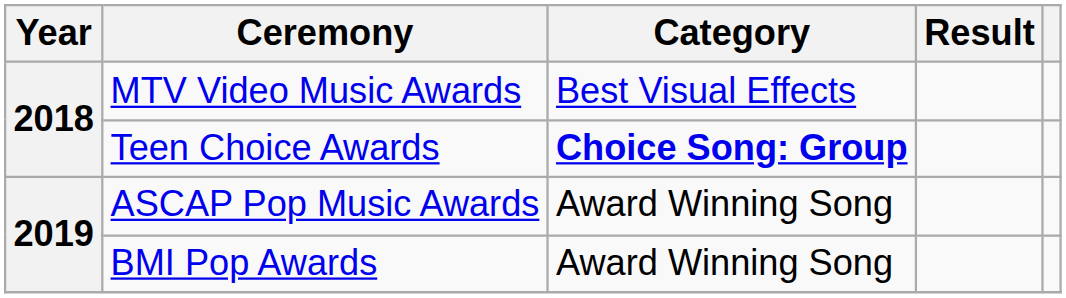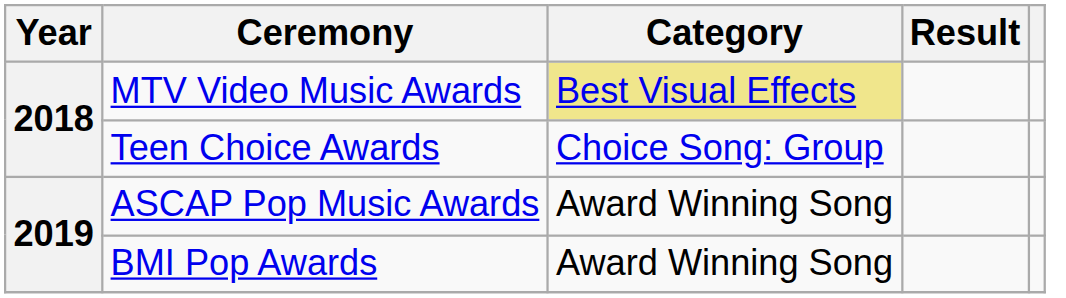 <table class="wikitable plainrowheaders">
 <tr>
 <th scope="col">Year</th>
 <th scope="col">Ceremony</th>
 <th scope="col">Category</th>
 <th scope="col">Result</th>
 <th scope="col"></th>
 </tr>
 <tr>
 <th scope="row" rowspan="2">2018</th>
 <td><a href='#'>MTV Video Music Awards</a></td>
-<td><a href='#'>Best Visual Effects</a></td>
+<td style="background: khaki;"><a href='#'>Best Visual Effects</a></td>
 <td></td>
 <td style="text-align:center;"></td>
 </tr>
 <tr>
 <td><a href='#'>Teen Choice Awards</a></td>
-<td><strong><a href='#'>Choice Song: Group</a></strong></td>
+<td><a href='#'>Choice Song: Group</a></td>
 <td></td>
 <td style="text-align:center;"></td>
 </tr>
 <tr>
 <th scope="row" rowspan="2">2019</th>
 <td><a href='#'>ASCAP Pop Music Awards</a></td>
 <td>Award Winning Song</td>
 <td></td>
 <td style="text-align:center;"></td>
 </tr>
 <tr>
 <td><a href='#'>BMI Pop Awards</a></td>
 <td>Award Winning Song</td>
 <td></td>
 <td style="text-align:center;"></td>
 </tr>
 <tr>
 </tr>
 </table>
